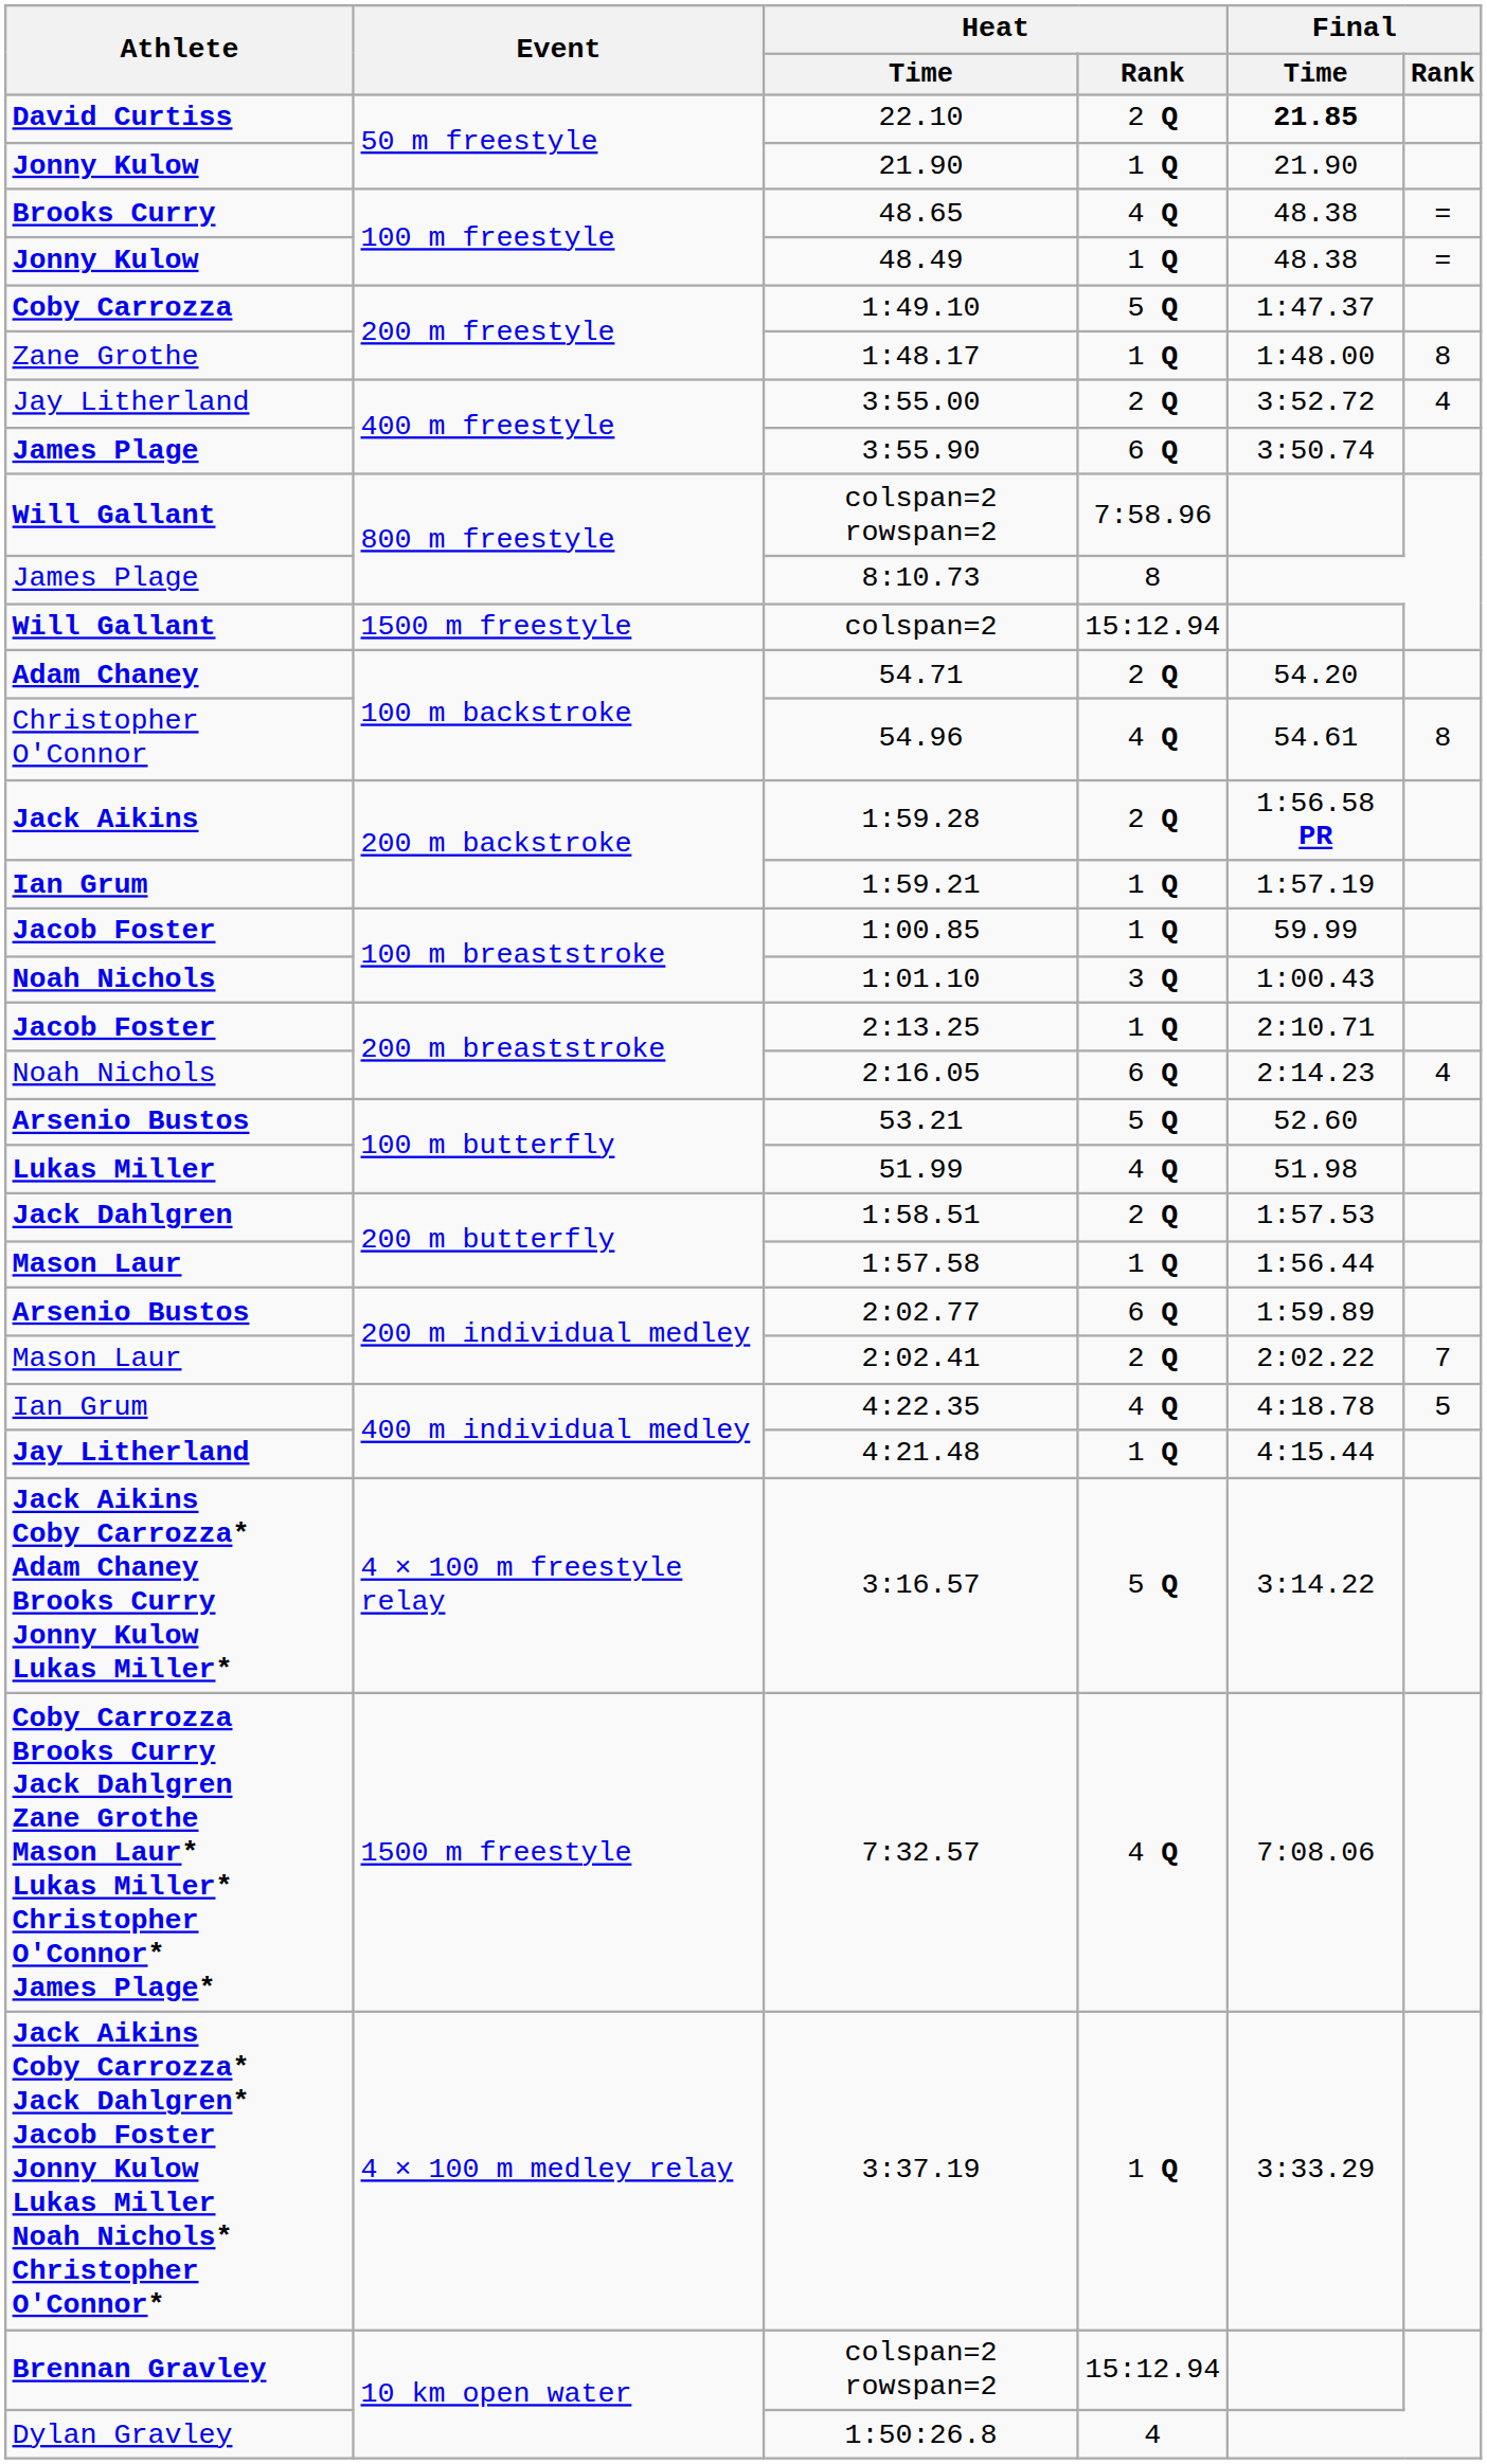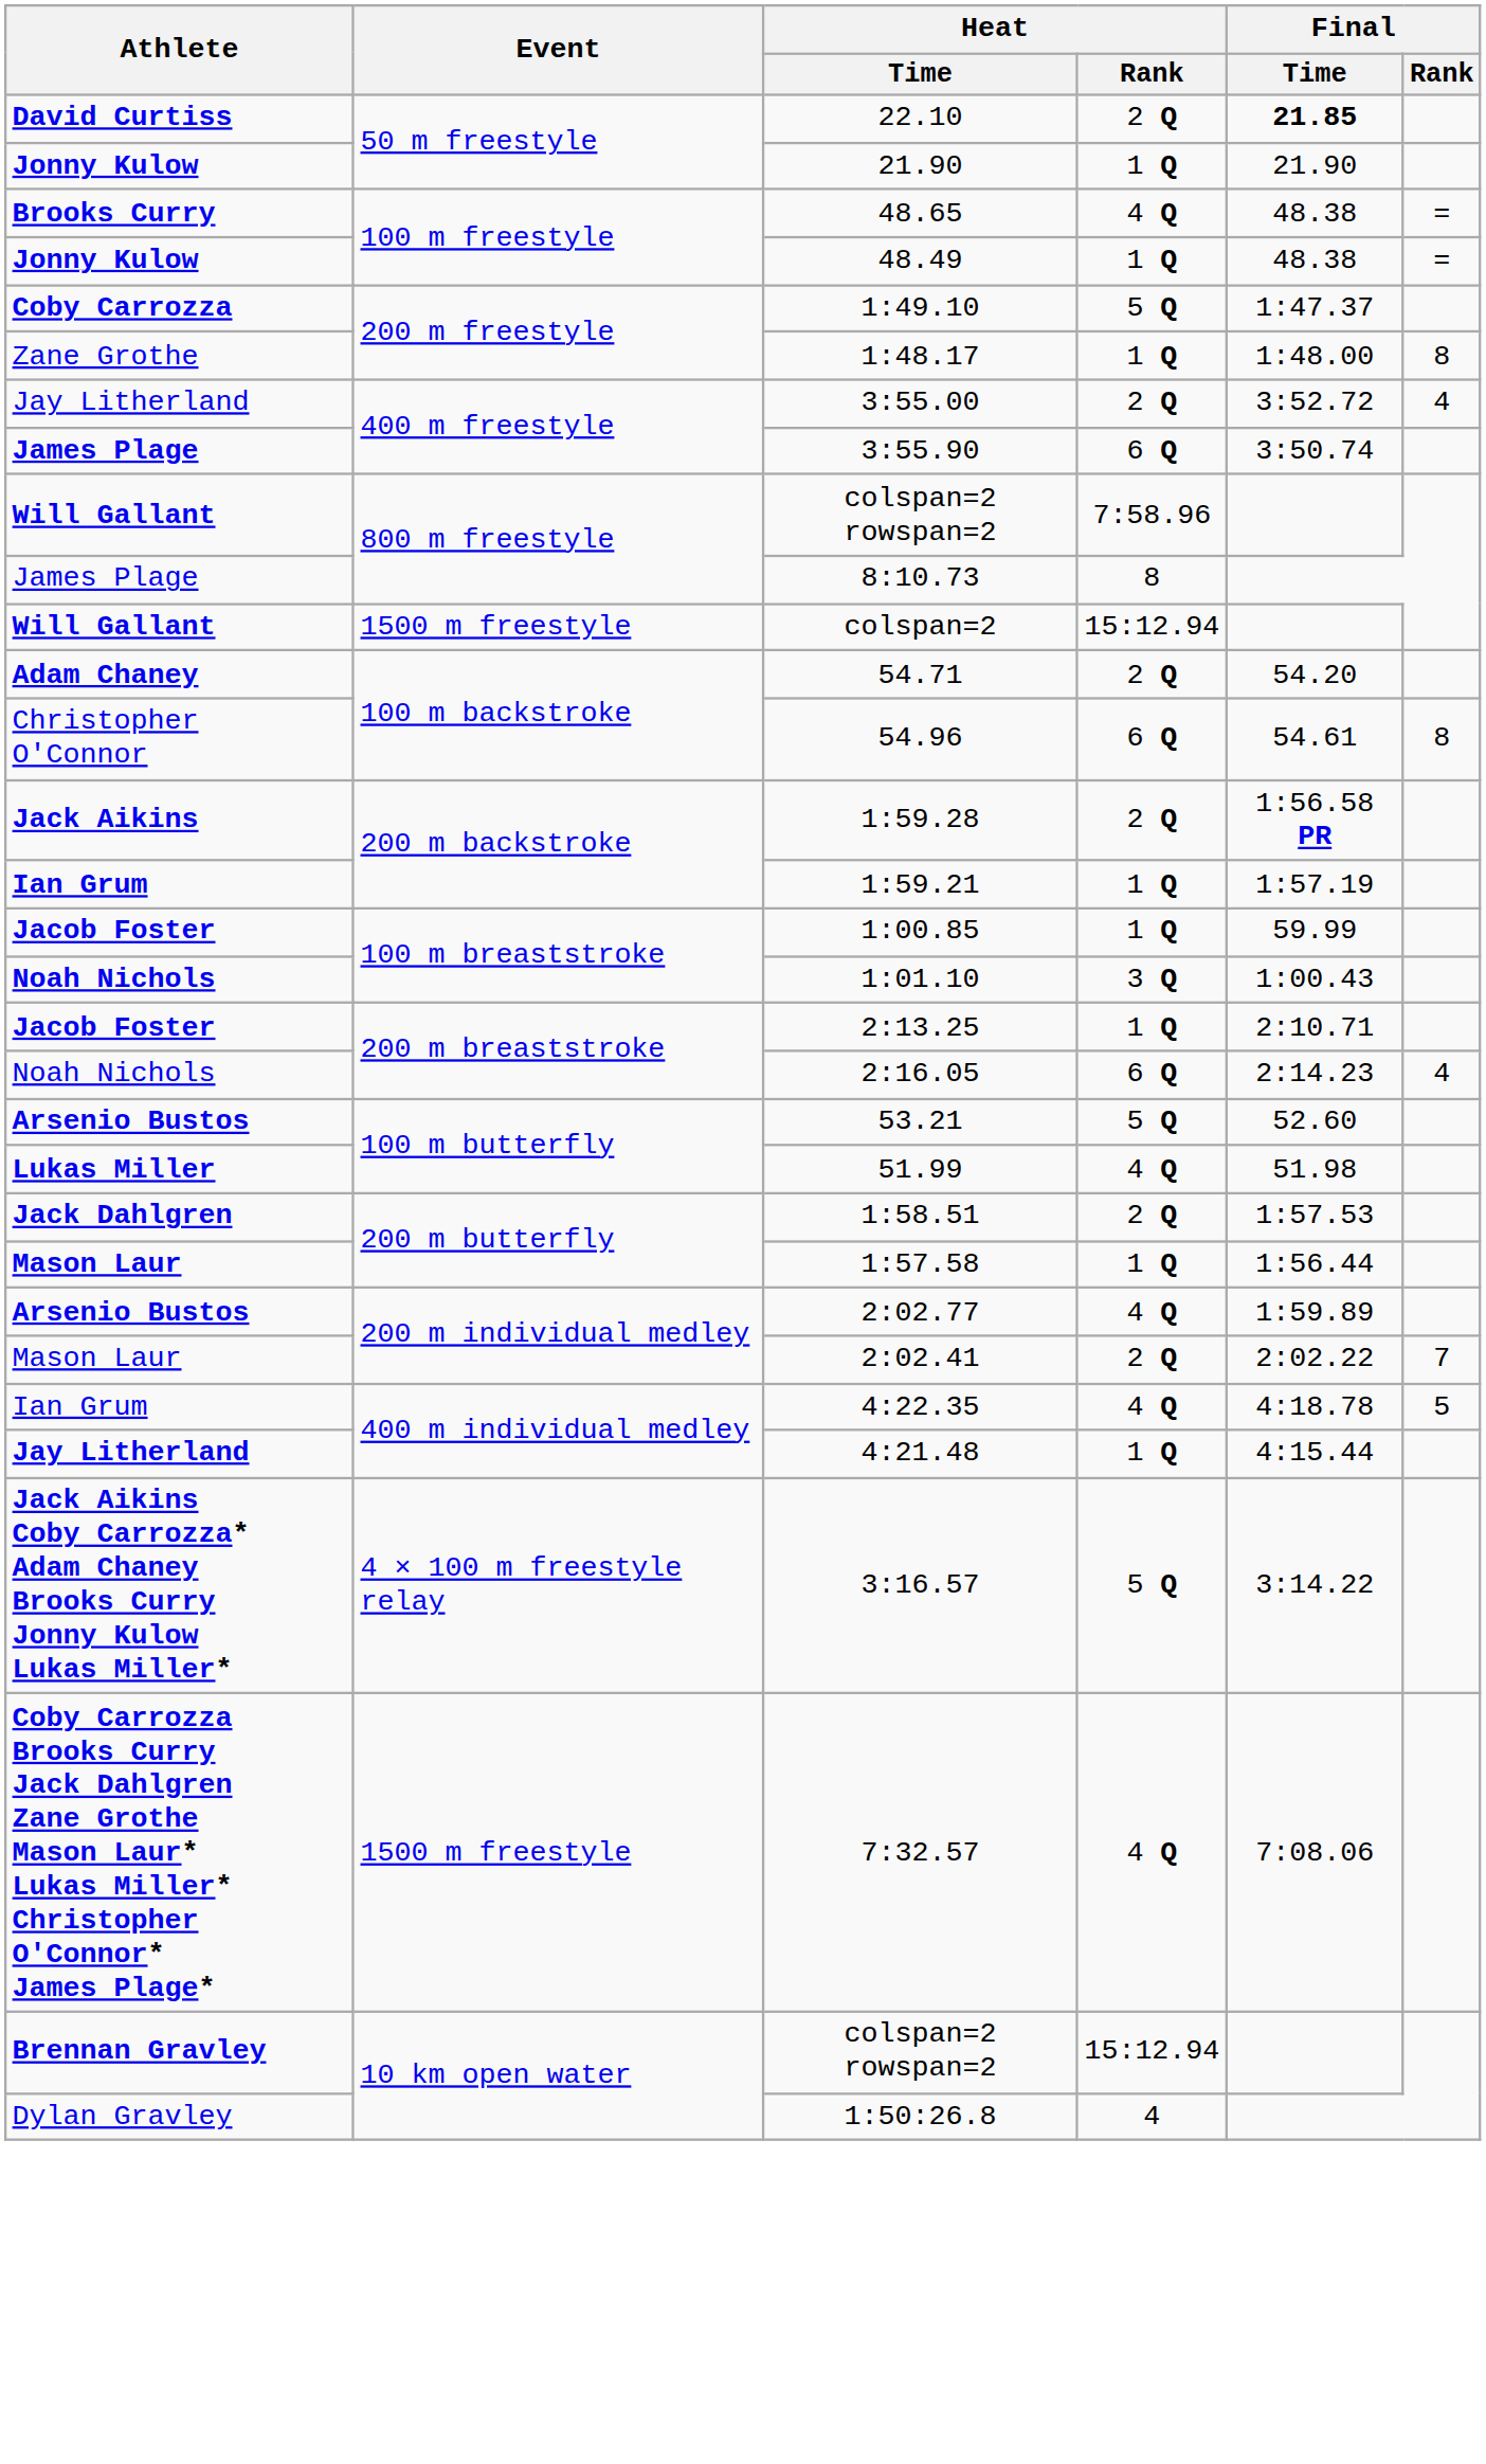 <table class=wikitable style=font-size:90%;text-align:center>
 <tr>
 <th rowspan=2>Athlete</th>
 <th rowspan=2>Event</th>
 <th colspan=2>Heat</th>
 <th colspan=2>Final</th>
 </tr>
 <tr style=font-size:95%>
 <th>Time</th>
 <th>Rank</th>
 <th>Time</th>
 <th>Rank</th>
 </tr>
 <tr>
 <td align=left><strong><a href='#'>David Curtiss</a></strong></td>
 <td align=left rowspan=2><a href='#'>50 m freestyle</a></td>
 <td>22.10</td>
 <td>2 <strong>Q</strong></td>
 <td><strong>21.85</strong></td>
 <td></td>
 </tr>
 <tr>
 <td align=left><strong><a href='#'>Jonny Kulow</a></strong></td>
 <td>21.90</td>
 <td>1 <strong>Q</strong></td>
 <td>21.90</td>
 <td></td>
 </tr>
 <tr>
 <td align=left><strong><a href='#'>Brooks Curry</a></strong></td>
 <td align=left rowspan=2><a href='#'>100 m freestyle</a></td>
 <td>48.65</td>
 <td>4 <strong>Q</strong></td>
 <td>48.38</td>
 <td>=</td>
 </tr>
 <tr>
 <td align=left><strong><a href='#'>Jonny Kulow</a></strong></td>
 <td>48.49</td>
 <td>1 <strong>Q</strong></td>
 <td>48.38</td>
 <td>=</td>
 </tr>
 <tr>
 <td align=left><strong><a href='#'>Coby Carrozza</a></strong></td>
 <td align=left rowspan=2><a href='#'>200 m freestyle</a></td>
 <td>1:49.10</td>
 <td>5 <strong>Q</strong></td>
 <td>1:47.37</td>
 <td></td>
 </tr>
 <tr>
 <td align=left><a href='#'>Zane Grothe</a></td>
 <td>1:48.17</td>
 <td>1 <strong>Q</strong></td>
 <td>1:48.00</td>
 <td>8</td>
 </tr>
 <tr>
 <td align=left><a href='#'>Jay Litherland</a></td>
 <td align=left rowspan=2><a href='#'>400 m freestyle</a></td>
 <td>3:55.00</td>
 <td>2 <strong>Q</strong></td>
 <td>3:52.72</td>
 <td>4</td>
 </tr>
 <tr>
 <td align=left><strong><a href='#'>James Plage</a></strong></td>
 <td>3:55.90</td>
 <td>6 <strong>Q</strong></td>
 <td>3:50.74</td>
 <td></td>
 </tr>
 <tr>
 <td align=left><strong><a href='#'>Will Gallant</a></strong></td>
 <td align=left rowspan=2><a href='#'>800 m freestyle</a></td>
 <td>colspan=2 rowspan=2 </td>
 <td>7:58.96</td>
 <td></td>
 </tr>
 <tr>
 <td align=left><a href='#'>James Plage</a></td>
 <td>8:10.73</td>
 <td>8</td>
 </tr>
 <tr>
 <td align=left><strong><a href='#'>Will Gallant</a></strong></td>
 <td align=left><a href='#'>1500 m freestyle</a></td>
 <td>colspan=2 </td>
 <td>15:12.94</td>
 <td></td>
 </tr>
 <tr>
 <td align=left><strong><a href='#'>Adam Chaney</a></strong></td>
 <td align=left rowspan=2><a href='#'>100 m backstroke</a></td>
 <td>54.71</td>
 <td>2 <strong>Q</strong></td>
 <td>54.20</td>
 <td></td>
 </tr>
 <tr>
 <td align=left><a href='#'>Christopher O'Connor</a></td>
 <td>54.96</td>
-<td>4 <strong>Q</strong></td>
+<td>6 <strong>Q</strong></td>
 <td>54.61</td>
 <td>8</td>
 </tr>
 <tr>
 <td align=left><strong><a href='#'>Jack Aikins</a></strong></td>
 <td align=left rowspan=2><a href='#'>200 m backstroke</a></td>
 <td>1:59.28</td>
 <td>2 <strong>Q</strong></td>
 <td>1:56.58 <strong><a href='#'>PR</a></strong></td>
 <td></td>
 </tr>
 <tr>
 <td align=left><strong><a href='#'>Ian Grum</a></strong></td>
 <td>1:59.21</td>
 <td>1 <strong>Q</strong></td>
 <td>1:57.19</td>
 <td></td>
 </tr>
 <tr>
 <td align=left><strong><a href='#'>Jacob Foster</a></strong></td>
 <td align=left rowspan=2><a href='#'>100 m breaststroke</a></td>
 <td>1:00.85</td>
 <td>1 <strong>Q</strong></td>
 <td>59.99</td>
 <td></td>
 </tr>
 <tr>
 <td align=left><strong><a href='#'>Noah Nichols</a></strong></td>
 <td>1:01.10</td>
 <td>3 <strong>Q</strong></td>
 <td>1:00.43</td>
 <td></td>
 </tr>
 <tr>
 <td align=left><strong><a href='#'>Jacob Foster</a></strong></td>
 <td align=left rowspan=2><a href='#'>200 m breaststroke</a></td>
 <td>2:13.25</td>
 <td>1 <strong>Q</strong></td>
 <td>2:10.71</td>
 <td></td>
 </tr>
 <tr>
 <td align=left><a href='#'>Noah Nichols</a></td>
 <td>2:16.05</td>
 <td>6 <strong>Q</strong></td>
 <td>2:14.23</td>
 <td>4</td>
 </tr>
 <tr>
 <td align=left><strong><a href='#'>Arsenio Bustos</a></strong></td>
 <td align=left rowspan=2><a href='#'>100 m butterfly</a></td>
 <td>53.21</td>
 <td>5 <strong>Q</strong></td>
 <td>52.60</td>
 <td></td>
 </tr>
 <tr>
 <td align=left><strong><a href='#'>Lukas Miller</a></strong></td>
 <td>51.99</td>
 <td>4 <strong>Q</strong></td>
 <td>51.98</td>
 <td></td>
 </tr>
 <tr>
 <td align=left><strong><a href='#'>Jack Dahlgren</a></strong></td>
 <td align=left rowspan=2><a href='#'>200 m butterfly</a></td>
 <td>1:58.51</td>
 <td>2 <strong>Q</strong></td>
 <td>1:57.53</td>
 <td></td>
 </tr>
 <tr>
 <td align=left><strong><a href='#'>Mason Laur</a></strong></td>
 <td>1:57.58</td>
 <td>1 <strong>Q</strong></td>
 <td>1:56.44</td>
 <td></td>
 </tr>
 <tr>
 <td align=left><strong><a href='#'>Arsenio Bustos</a></strong></td>
 <td align=left rowspan=2><a href='#'>200 m individual medley</a></td>
 <td>2:02.77</td>
-<td>6 <strong>Q</strong></td>
+<td>4 <strong>Q</strong></td>
 <td>1:59.89</td>
 <td></td>
 </tr>
 <tr>
 <td align=left><a href='#'>Mason Laur</a></td>
 <td>2:02.41</td>
 <td>2 <strong>Q</strong></td>
 <td>2:02.22</td>
 <td>7</td>
 </tr>
 <tr>
 <td align=left><a href='#'>Ian Grum</a></td>
 <td align=left rowspan=2><a href='#'>400 m individual medley</a></td>
 <td>4:22.35</td>
 <td>4 <strong>Q</strong></td>
 <td>4:18.78</td>
 <td>5</td>
 </tr>
 <tr>
 <td align=left><strong><a href='#'>Jay Litherland</a></strong></td>
 <td>4:21.48</td>
 <td>1 <strong>Q</strong></td>
 <td>4:15.44</td>
 <td></td>
 </tr>
 <tr>
 <td align=left><strong><a href='#'>Jack Aikins</a><br><a href='#'>Coby Carrozza</a>*<br><a href='#'>Adam Chaney</a><br><a href='#'>Brooks Curry</a><br><a href='#'>Jonny Kulow</a><br><a href='#'>Lukas Miller</a>*</strong></td>
 <td align=left><a href='#'>4 × 100 m freestyle relay</a></td>
 <td>3:16.57</td>
 <td>5 <strong>Q</strong></td>
 <td>3:14.22</td>
 <td></td>
 </tr>
 <tr>
 <td align=left><strong><a href='#'>Coby Carrozza</a><br><a href='#'>Brooks Curry</a><br><a href='#'>Jack Dahlgren</a><br><a href='#'>Zane Grothe</a><br><a href='#'>Mason Laur</a>*<br><a href='#'>Lukas Miller</a>*<br><a href='#'>Christopher O'Connor</a>*<br><a href='#'>James Plage</a>*</strong></td>
 <td align=left><a href='#'>1500 m freestyle</a></td>
 <td>7:32.57</td>
 <td>4 <strong>Q</strong></td>
 <td>7:08.06</td>
 <td></td>
 </tr>
 <tr>
-<td align=left><strong><a href='#'>Jack Aikins</a><br><a href='#'>Coby Carrozza</a>*<br><a href='#'>Jack Dahlgren</a>*<br><a href='#'>Jacob Foster</a><br><a href='#'>Jonny Kulow</a><br><a href='#'>Lukas Miller</a><br><a href='#'>Noah Nichols</a>*<br><a href='#'>Christopher O'Connor</a>*</strong></td>
-<td align=left><a href='#'>4 × 100 m medley relay</a></td>
-<td>3:37.19</td>
-<td>1 <strong>Q</strong></td>
-<td>3:33.29</td>
-<td></td>
-</tr>
-<tr>
 <td align=left><strong><a href='#'>Brennan Gravley</a></strong></td>
 <td align=left rowspan=2><a href='#'>10 km open water</a></td>
 <td>colspan=2 rowspan=2 </td>
 <td>15:12.94</td>
 <td></td>
 </tr>
 <tr>
 <td align=left><a href='#'>Dylan Gravley</a></td>
 <td>1:50:26.8</td>
 <td>4</td>
 </tr>
 </table>
